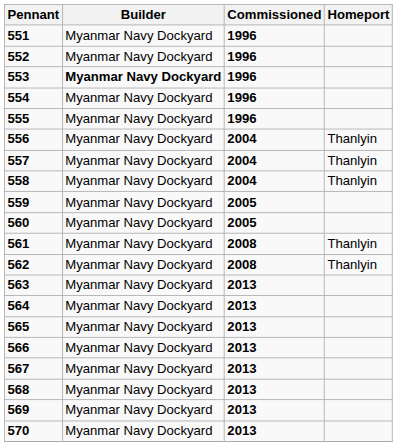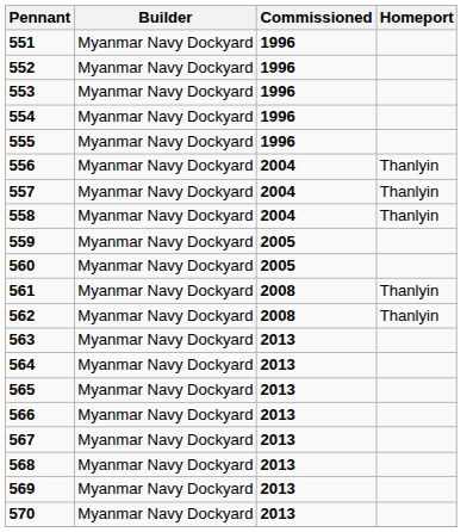 <table class="wikitable">
 <tr>
 <th>Pennant</th>
 <th>Builder</th>
 <th>Commissioned</th>
 <th>Homeport</th>
 </tr>
 <tr>
 <td><strong>551</strong></td>
 <td>Myanmar Navy Dockyard</td>
 <td><strong>1996</strong></td>
 <td></td>
 </tr>
 <tr>
 <td><strong>552</strong></td>
 <td>Myanmar Navy Dockyard</td>
 <td><strong>1996</strong></td>
 <td></td>
 </tr>
 <tr>
 <td><strong>553</strong></td>
-<td><strong>Myanmar Navy Dockyard</strong></td>
+<td>Myanmar Navy Dockyard</td>
 <td><strong>1996</strong></td>
 <td></td>
 </tr>
 <tr>
 <td><strong>554</strong></td>
 <td>Myanmar Navy Dockyard</td>
 <td><strong>1996</strong></td>
 <td></td>
 </tr>
 <tr>
 <td><strong>555</strong></td>
 <td>Myanmar Navy Dockyard</td>
 <td><strong>1996</strong></td>
 <td></td>
 </tr>
 <tr>
 <td><strong>556</strong></td>
 <td>Myanmar Navy Dockyard</td>
 <td><strong>2004</strong></td>
 <td>Thanlyin</td>
 </tr>
 <tr>
 <td><strong>557</strong></td>
 <td>Myanmar Navy Dockyard</td>
 <td><strong>2004</strong></td>
 <td>Thanlyin</td>
 </tr>
 <tr>
 <td><strong>558</strong></td>
 <td>Myanmar Navy Dockyard</td>
 <td><strong>2004</strong></td>
 <td>Thanlyin</td>
 </tr>
 <tr>
 <td><strong>559</strong></td>
 <td>Myanmar Navy Dockyard</td>
 <td><strong>2005</strong></td>
 <td></td>
 </tr>
 <tr>
 <td><strong>560</strong></td>
 <td>Myanmar Navy Dockyard</td>
 <td><strong>2005</strong></td>
 <td></td>
 </tr>
 <tr>
 <td><strong>561</strong></td>
 <td>Myanmar Navy Dockyard</td>
 <td><strong>2008</strong></td>
 <td>Thanlyin</td>
 </tr>
 <tr>
 <td><strong>562</strong></td>
 <td>Myanmar Navy Dockyard</td>
 <td><strong>2008</strong></td>
 <td>Thanlyin</td>
 </tr>
 <tr>
 <td><strong>563</strong></td>
 <td>Myanmar Navy Dockyard</td>
 <td><strong>2013</strong></td>
 <td></td>
 </tr>
 <tr>
 <td><strong>564</strong></td>
 <td>Myanmar Navy Dockyard</td>
 <td><strong>2013</strong></td>
 <td></td>
 </tr>
 <tr>
 <td><strong>565</strong></td>
 <td>Myanmar Navy Dockyard</td>
 <td><strong>2013</strong></td>
 <td></td>
 </tr>
 <tr>
 <td><strong>566</strong></td>
 <td>Myanmar Navy Dockyard</td>
 <td><strong>2013</strong></td>
 <td></td>
 </tr>
 <tr>
 <td><strong>567</strong></td>
 <td>Myanmar Navy Dockyard</td>
 <td><strong>2013</strong></td>
 <td></td>
 </tr>
 <tr>
 <td><strong>568</strong></td>
 <td>Myanmar Navy Dockyard</td>
 <td><strong>2013</strong></td>
 <td></td>
 </tr>
 <tr>
 <td><strong>569</strong></td>
 <td>Myanmar Navy Dockyard</td>
 <td><strong>2013</strong></td>
 <td></td>
 </tr>
 <tr>
 <td><strong>570</strong></td>
 <td>Myanmar Navy Dockyard</td>
 <td><strong>2013</strong></td>
 <td></td>
 </tr>
 <tr>
 </tr>
 </table>
